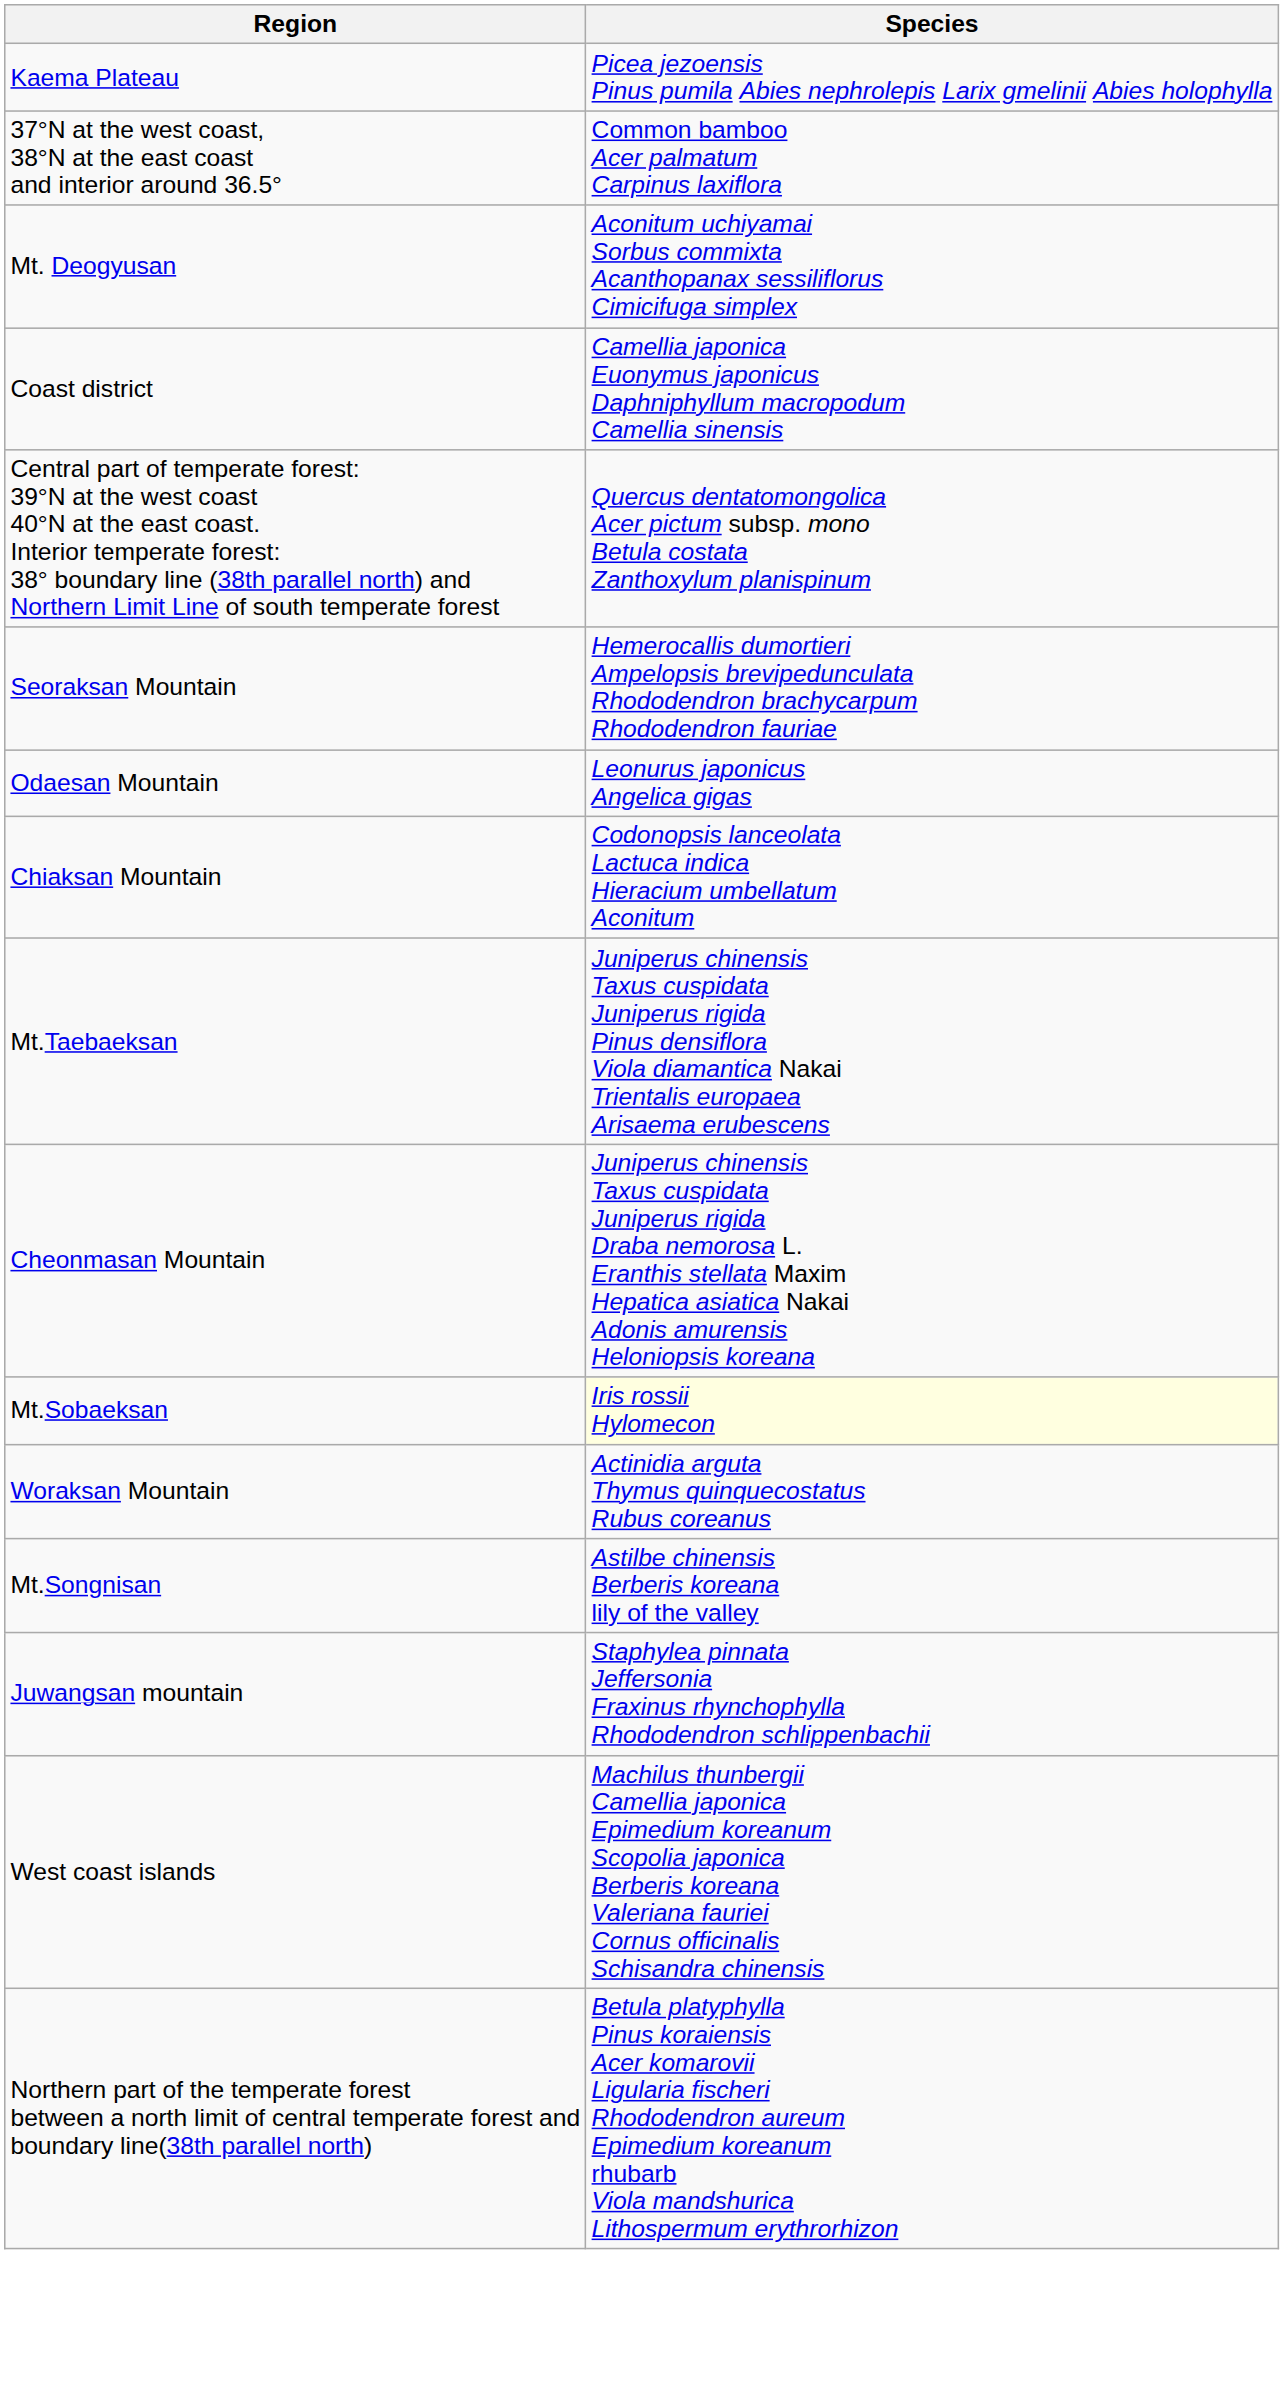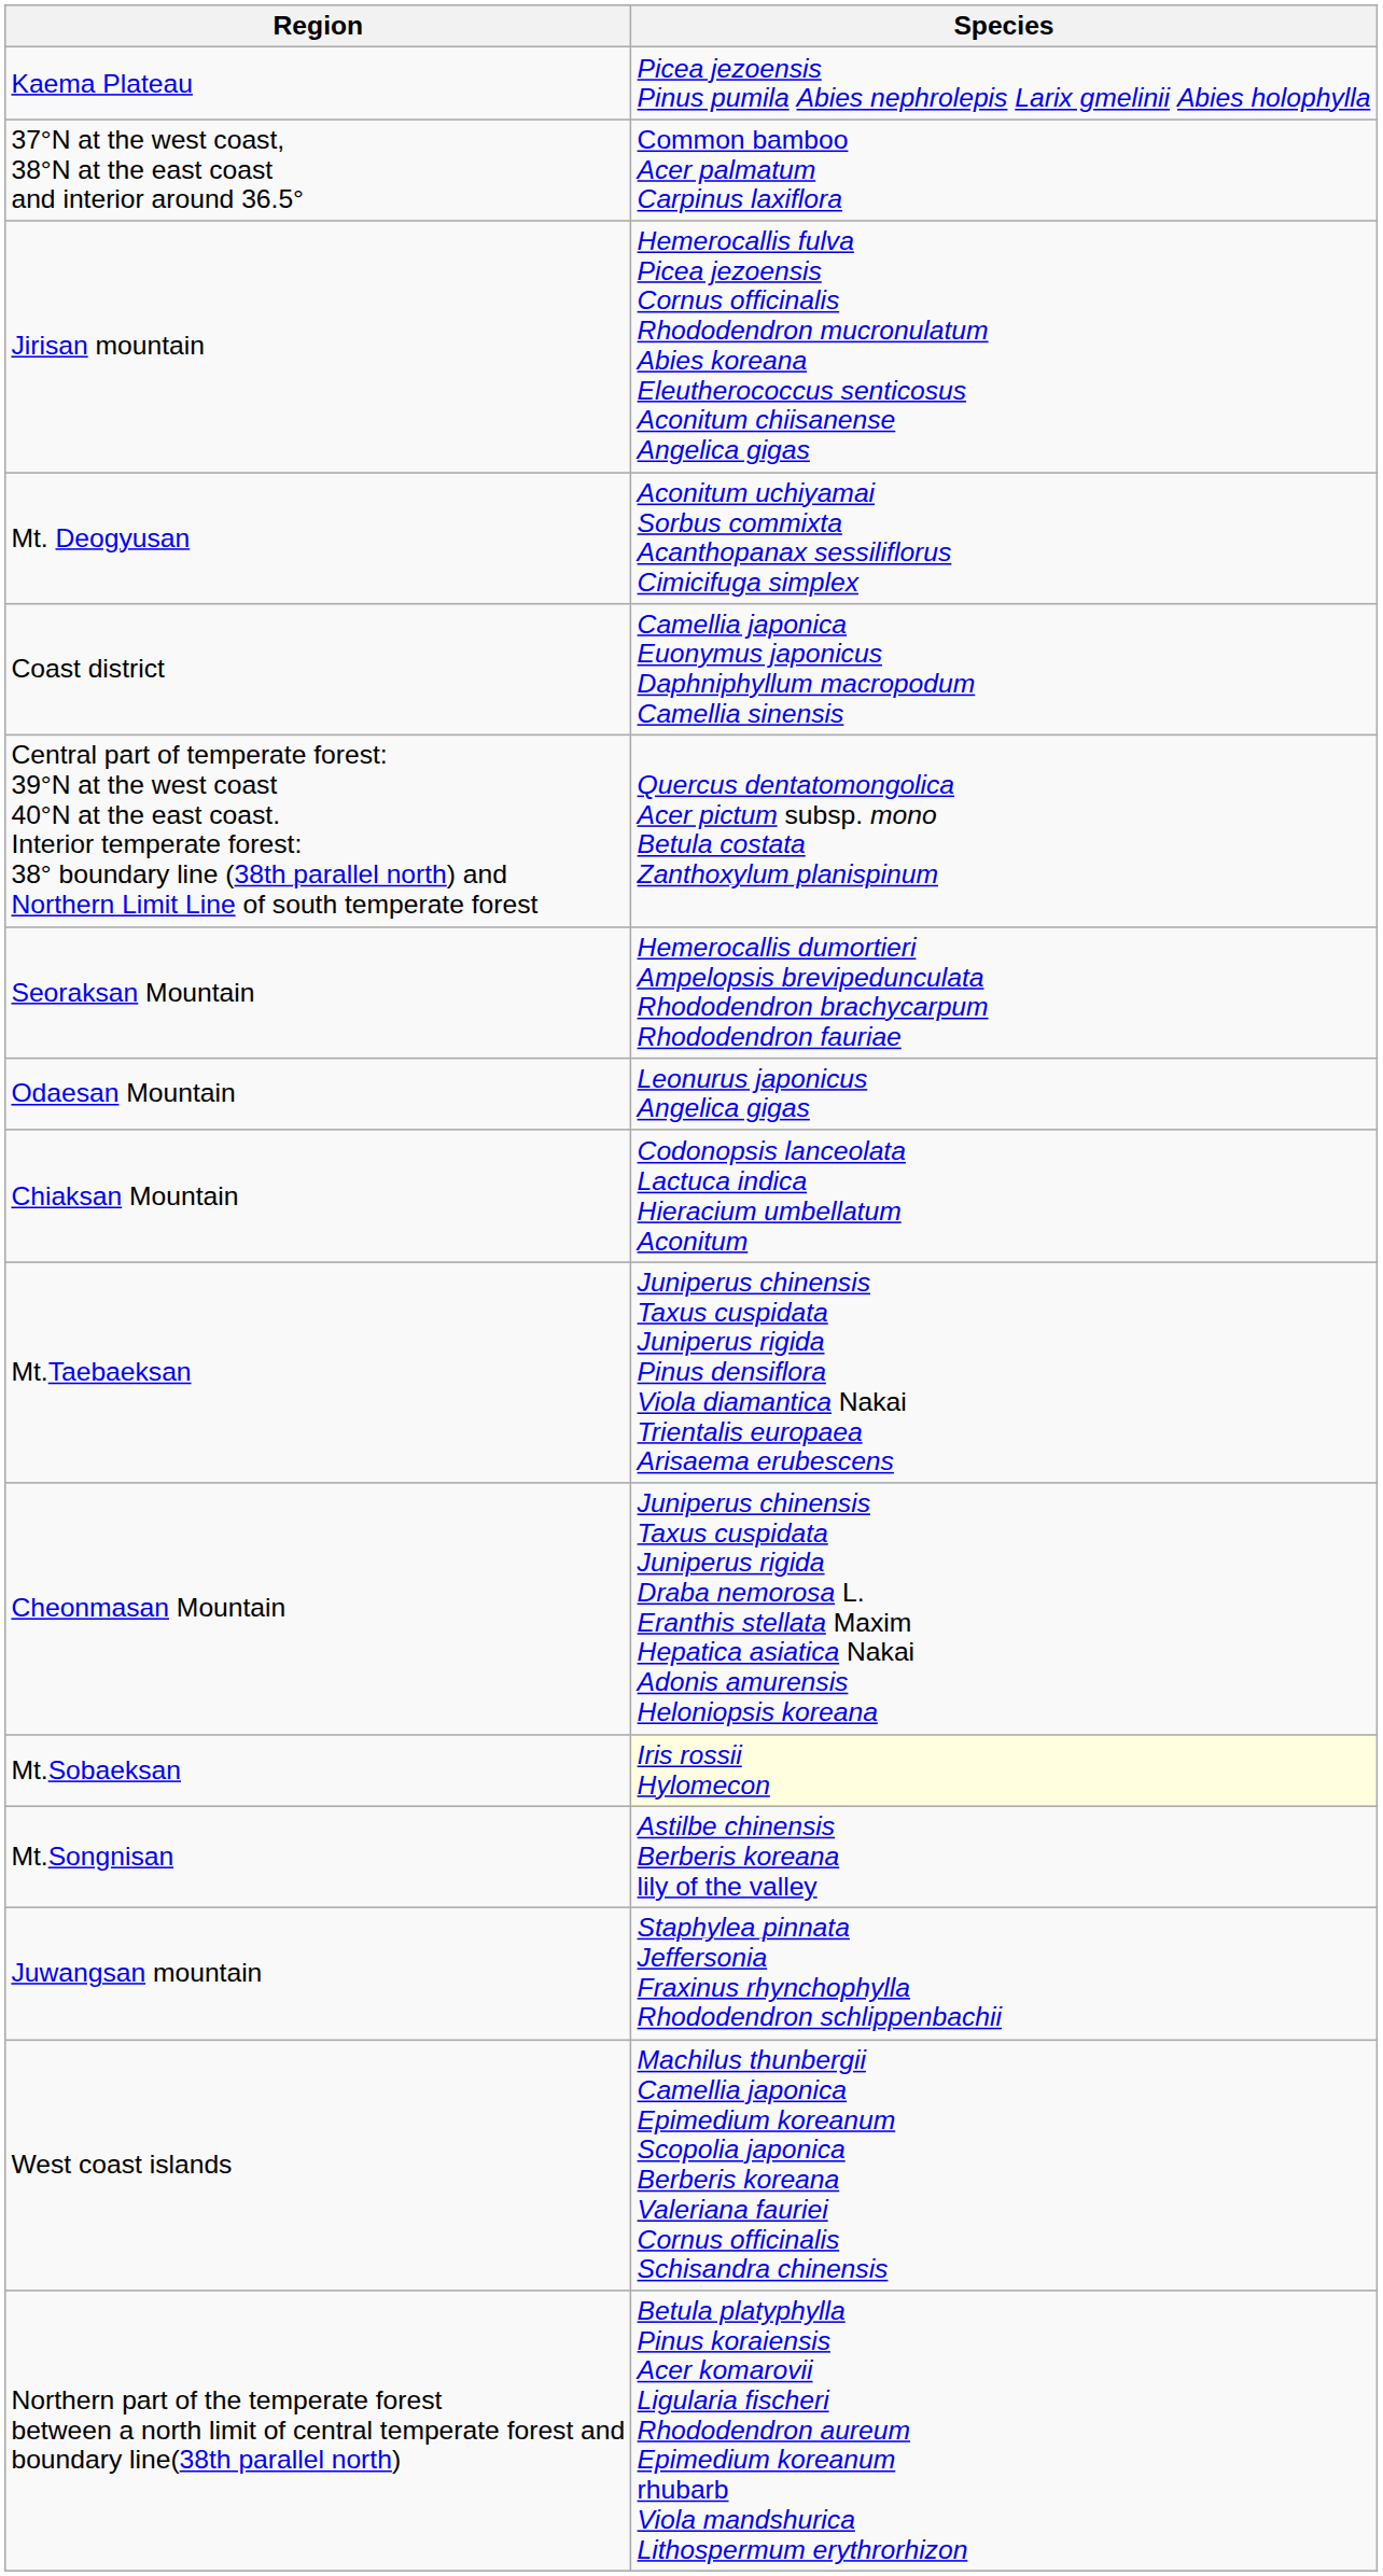 <table class="wikitable">
 <tr>
 <th>Region</th>
 <th>Species</th>
 </tr>
 <tr>
 <td><a href='#'>Kaema Plateau</a></td>
 <td><em><a href='#'>Picea jezoensis</a></em><br><em><a href='#'>Pinus pumila</a></em> <em><a href='#'>Abies nephrolepis</a></em> <em><a href='#'>Larix gmelinii</a></em> <em><a href='#'>Abies holophylla</a></em></td>
 </tr>
 <tr>
 <td>37°N at the west coast,<br>38°N at the east coast <br>and interior around 36.5°</td>
 <td><a href='#'>Common bamboo</a><br> <em><a href='#'>Acer palmatum</a></em> <br> <em><a href='#'>Carpinus laxiflora</a></em></td>
+</tr>
+<tr>
+<td><a href='#'>Jirisan</a> mountain</td>
+<td><em><a href='#'>Hemerocallis fulva</a></em><br> <em><a href='#'>Picea jezoensis</a><br> <a href='#'>Cornus officinalis</a></em><br> <em><a href='#'>Rhododendron mucronulatum</a></em><br> <em><a href='#'>Abies koreana</a></em><br> <em><a href='#'>Eleutherococcus senticosus</a></em><br> <em><a href='#'>Aconitum chiisanense</a></em><br> <em><a href='#'>Angelica gigas</a></em></td>
 </tr>
 <tr>
 <td>Mt. <a href='#'>Deogyusan</a></td>
 <td><em><a href='#'>Aconitum uchiyamai</a></em><br> <em><a href='#'>Sorbus commixta</a></em><br> <em><a href='#'>Acanthopanax sessiliflorus</a></em><br> <em><a href='#'>Cimicifuga simplex</a></em></td>
 </tr>
 <tr>
 <td>Coast district</td>
 <td><em><a href='#'>Camellia japonica</a></em><br> <em><a href='#'>Euonymus japonicus</a></em><br> <em><a href='#'>Daphniphyllum macropodum</a></em><br> <em><a href='#'>Camellia sinensis</a></em></td>
 </tr>
 <tr>
 <td>Central part of temperate forest: <br>39°N at the west coast<br> 40°N at the east coast.<br>Interior temperate forest: <br>38° boundary line (<a href='#'>38th parallel north</a>) and<br><a href='#'>Northern Limit Line</a> of south temperate forest</td>
 <td><em><a href='#'>Quercus dentatomongolica</a></em><br> <em><a href='#'>Acer pictum</a></em> subsp. <em>mono</em><br> <em><a href='#'>Betula costata</a></em><br> <em><a href='#'>Zanthoxylum planispinum</a></em></td>
 </tr>
 <tr>
 <td><a href='#'>Seoraksan</a> Mountain</td>
 <td><em><a href='#'>Hemerocallis dumortieri</a></em><br> <em><a href='#'>Ampelopsis brevipedunculata</a></em><br> <em><a href='#'>Rhododendron brachycarpum</a></em><br> <em><a href='#'>Rhododendron fauriae</a></em></td>
 </tr>
 <tr>
 <td><a href='#'>Odaesan</a> Mountain</td>
 <td><em><a href='#'>Leonurus japonicus</a></em><br> <em><a href='#'>Angelica gigas</a></em></td>
 </tr>
 <tr>
 <td><a href='#'>Chiaksan</a> Mountain</td>
 <td><em><a href='#'>Codonopsis lanceolata</a></em><br> <em><a href='#'>Lactuca indica</a></em><br> <em><a href='#'>Hieracium umbellatum</a></em><br>  <em><a href='#'>Aconitum</a></em></td>
 </tr>
 <tr>
 <td>Mt.<a href='#'>Taebaeksan</a></td>
 <td><em><a href='#'>Juniperus chinensis</a></em><br><em> <a href='#'>Taxus cuspidata</a></em><br> <em><a href='#'>Juniperus rigida</a></em><br> <em><a href='#'>Pinus densiflora</a></em><br> <em><a href='#'>Viola diamantica</a></em> Nakai<br> <em><a href='#'>Trientalis europaea</a></em> <br><em><a href='#'>Arisaema erubescens</a></em></td>
 </tr>
 <tr>
 <td><a href='#'>Cheonmasan</a> Mountain</td>
 <td><em><a href='#'>Juniperus chinensis</a></em><br> <em><a href='#'>Taxus cuspidata</a></em><br> <em><a href='#'>Juniperus rigida</a></em><br> <em><a href='#'>Draba nemorosa</a></em> L.<br> <em><a href='#'>Eranthis stellata</a></em> Maxim<br> <em><a href='#'>Hepatica asiatica</a></em> Nakai<br> <em><a href='#'>Adonis amurensis</a></em><br> <em><a href='#'>Heloniopsis koreana</a></em></td>
 </tr>
 <tr>
 <td>Mt.<a href='#'>Sobaeksan</a></td>
 <td style="background: lightyellow;"><em><a href='#'>Iris rossii</a></em><br> <em><a href='#'>Hylomecon</a></em></td>
 </tr>
 <tr>
-<td><a href='#'>Woraksan</a> Mountain</td>
-<td><em><a href='#'>Actinidia arguta</a></em><br> <em><a href='#'>Thymus quinquecostatus</a></em><br> <em><a href='#'>Rubus coreanus</a></em></td>
-</tr>
-<tr>
 <td>Mt.<a href='#'>Songnisan</a></td>
 <td><em><a href='#'>Astilbe chinensis</a></em><br> <em><a href='#'>Berberis koreana</a></em><br> <a href='#'>lily of the valley</a></td>
 </tr>
 <tr>
 <td><a href='#'>Juwangsan</a> mountain</td>
 <td><em><a href='#'>Staphylea pinnata</a></em><br> <em><a href='#'>Jeffersonia</a></em><br> <em><a href='#'>Fraxinus rhynchophylla</a></em><br> <em><a href='#'>Rhododendron schlippenbachii</a></em></td>
 </tr>
 <tr>
 <td>West coast islands</td>
 <td><em><a href='#'>Machilus thunbergii</a></em><br> <em><a href='#'>Camellia japonica</a></em><br> <em><a href='#'>Epimedium koreanum</a></em><br> <em><a href='#'>Scopolia japonica</a></em><br> <em><a href='#'>Berberis koreana</a></em><br> <em><a href='#'>Valeriana fauriei</a></em><br> <em><a href='#'>Cornus officinalis</a></em><br> <em><a href='#'>Schisandra chinensis</a></em></td>
 </tr>
 <tr>
 <td>Northern part of the temperate forest <br>between a north limit of central temperate forest and <br>boundary line(<a href='#'>38th parallel north</a>)</td>
 <td><em><a href='#'>Betula platyphylla</a></em><br> <em><a href='#'>Pinus koraiensis</a></em><br> <em><a href='#'>Acer komarovii</a></em><br> <em><a href='#'>Ligularia fischeri</a></em><br> <em><a href='#'>Rhododendron aureum</a></em><br> <em><a href='#'>Epimedium koreanum</a></em><br> <a href='#'>rhubarb</a><br> <em><a href='#'>Viola mandshurica</a></em><br> <em><a href='#'>Lithospermum erythrorhizon</a></em></td>
 </tr>
 </table>
